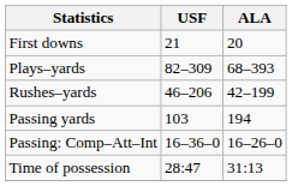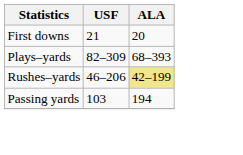 <table class="wikitable" style="float: left;">
 <tr>
 <th>Statistics</th>
 <th>USF</th>
 <th>ALA</th>
 </tr>
 <tr>
 <td>First downs</td>
 <td>21</td>
 <td>20</td>
 </tr>
 <tr>
 <td>Plays–yards</td>
 <td>82–309</td>
 <td>68–393</td>
 </tr>
 <tr>
 <td>Rushes–yards</td>
 <td>46–206</td>
-<td>42–199</td>
+<td style="background: khaki;">42–199</td>
 </tr>
 <tr>
 <td>Passing yards</td>
 <td>103</td>
 <td>194</td>
 </tr>
 <tr>
-<td>Passing: Comp–Att–Int</td>
-<td>16–36–0</td>
-<td>16–26–0</td>
-</tr>
-<tr>
-<td>Time of possession</td>
-<td>28:47</td>
-<td>31:13</td>
-</tr>
-<tr>
 </tr>
 </table>
